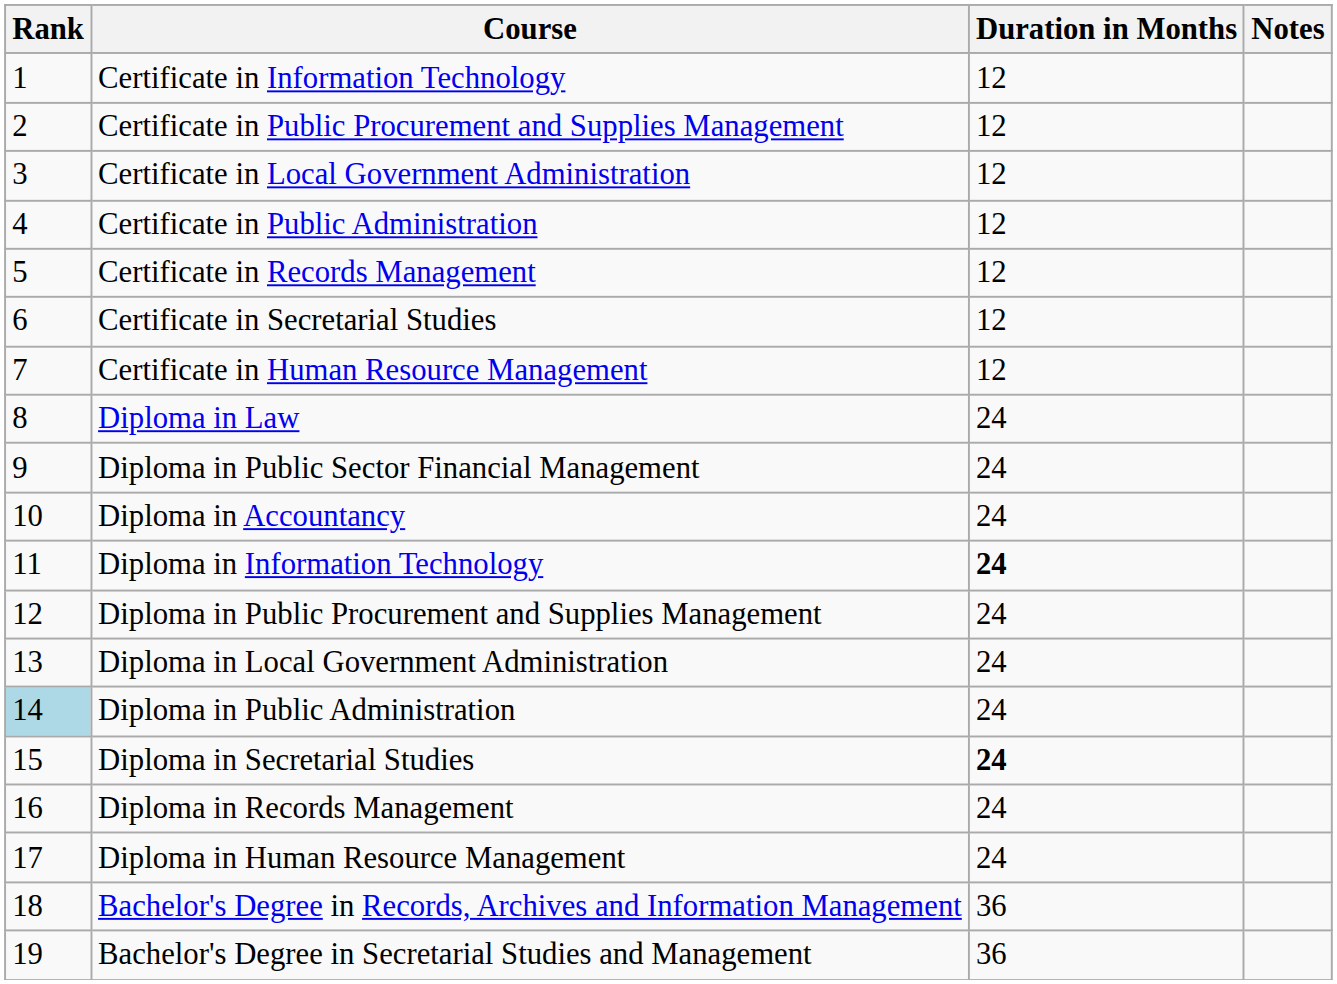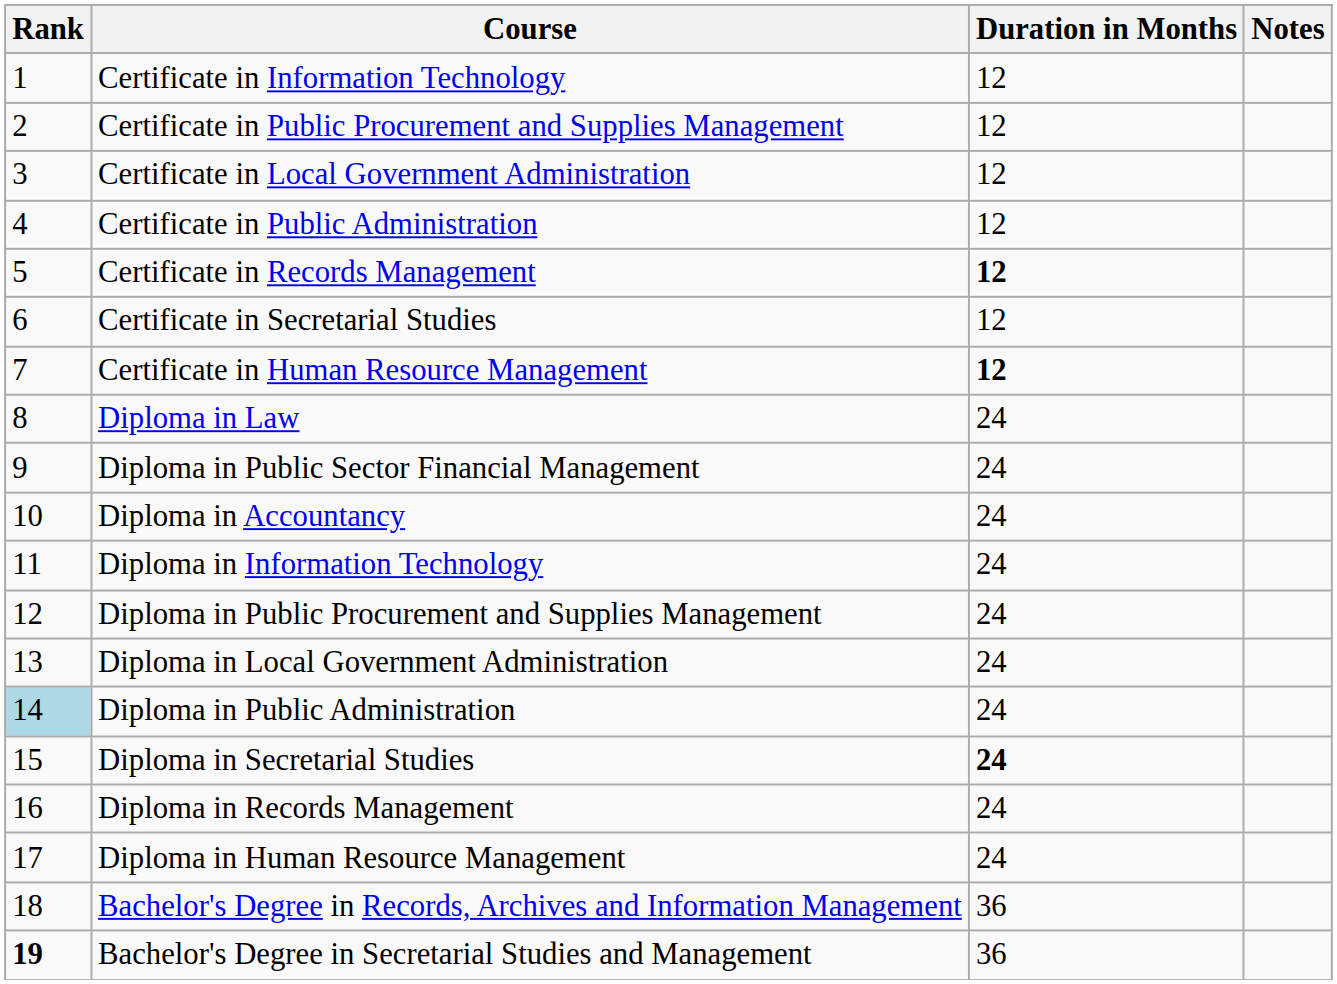 <table class="wikitable sortable" style="margin: 0.5em auto">
 <tr>
 <th>Rank</th>
 <th>Course</th>
 <th>Duration in Months</th>
 <th>Notes</th>
 </tr>
 <tr>
 <td>1</td>
 <td>Certificate in <a href='#'>Information Technology</a></td>
 <td>12</td>
 <td></td>
 </tr>
 <tr>
 <td>2</td>
 <td>Certificate in <a href='#'>Public Procurement and Supplies Management</a></td>
 <td>12</td>
 <td></td>
 </tr>
 <tr>
 <td>3</td>
 <td>Certificate in <a href='#'>Local Government Administration</a></td>
 <td>12</td>
 <td></td>
 </tr>
 <tr>
 <td>4</td>
 <td>Certificate in <a href='#'>Public Administration</a></td>
 <td>12</td>
 <td></td>
 </tr>
 <tr>
 <td>5</td>
 <td>Certificate in <a href='#'>Records Management</a></td>
-<td>12</td>
+<td><strong>12</strong></td>
 <td></td>
 </tr>
 <tr>
 <td>6</td>
 <td>Certificate in Secretarial Studies</td>
 <td>12</td>
 <td></td>
 </tr>
 <tr>
 <td>7</td>
 <td>Certificate in <a href='#'>Human Resource Management</a></td>
-<td>12</td>
+<td><strong>12</strong></td>
 <td></td>
 </tr>
 <tr>
 <td>8</td>
 <td><a href='#'>Diploma in Law</a></td>
 <td>24</td>
 <td></td>
 </tr>
 <tr>
 <td>9</td>
 <td>Diploma in Public Sector Financial Management</td>
 <td>24</td>
 <td></td>
 </tr>
 <tr>
 <td>10</td>
 <td>Diploma in <a href='#'>Accountancy</a></td>
 <td>24</td>
 <td></td>
 </tr>
 <tr>
 <td>11</td>
 <td>Diploma in <a href='#'>Information Technology</a></td>
-<td><strong>24</strong></td>
+<td>24</td>
 <td></td>
 </tr>
 <tr>
 <td>12</td>
 <td>Diploma in Public Procurement and Supplies Management</td>
 <td>24</td>
 <td></td>
 </tr>
 <tr>
 <td>13</td>
 <td>Diploma in Local Government Administration</td>
 <td>24</td>
 <td></td>
 </tr>
 <tr>
 <td style="background: lightblue;">14</td>
 <td>Diploma in Public Administration</td>
 <td>24</td>
 <td></td>
 </tr>
 <tr>
 <td>15</td>
 <td>Diploma in Secretarial Studies</td>
 <td><strong>24</strong></td>
 <td></td>
 </tr>
 <tr>
 <td>16</td>
 <td>Diploma in Records Management</td>
 <td>24</td>
 <td></td>
 </tr>
 <tr>
 <td>17</td>
 <td>Diploma in Human Resource Management</td>
 <td>24</td>
 <td></td>
 </tr>
 <tr>
 <td>18</td>
 <td><a href='#'>Bachelor's Degree</a> in <a href='#'>Records, Archives and Information Management</a></td>
 <td>36</td>
 <td></td>
 </tr>
 <tr>
-<td>19</td>
+<td><strong>19</strong></td>
 <td>Bachelor's Degree in Secretarial Studies and Management</td>
 <td>36</td>
 <td></td>
 </tr>
 <tr>
 </tr>
 </table>
